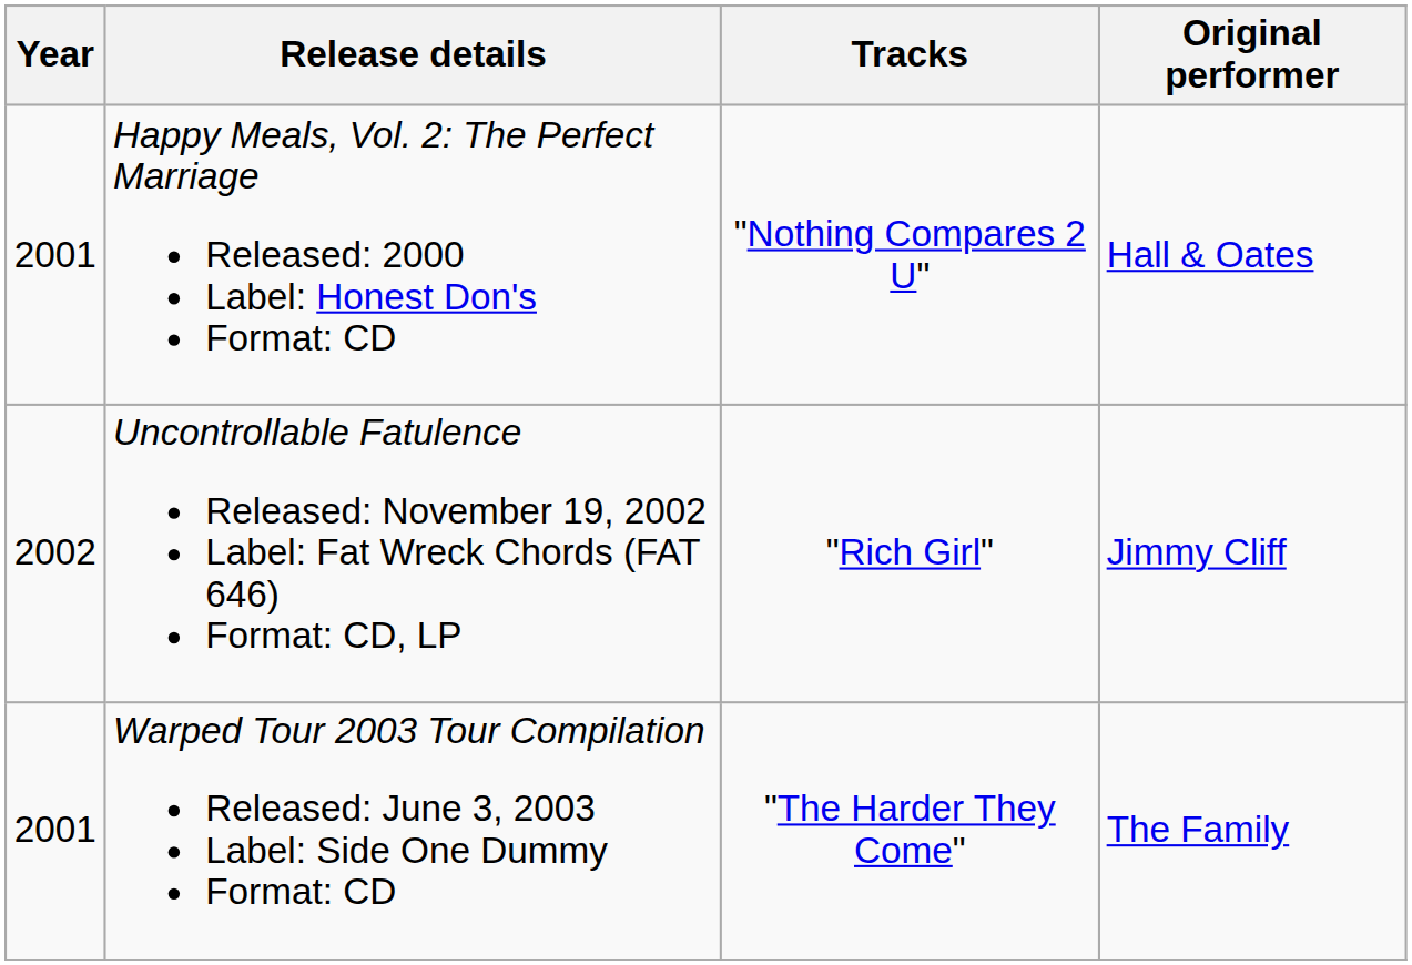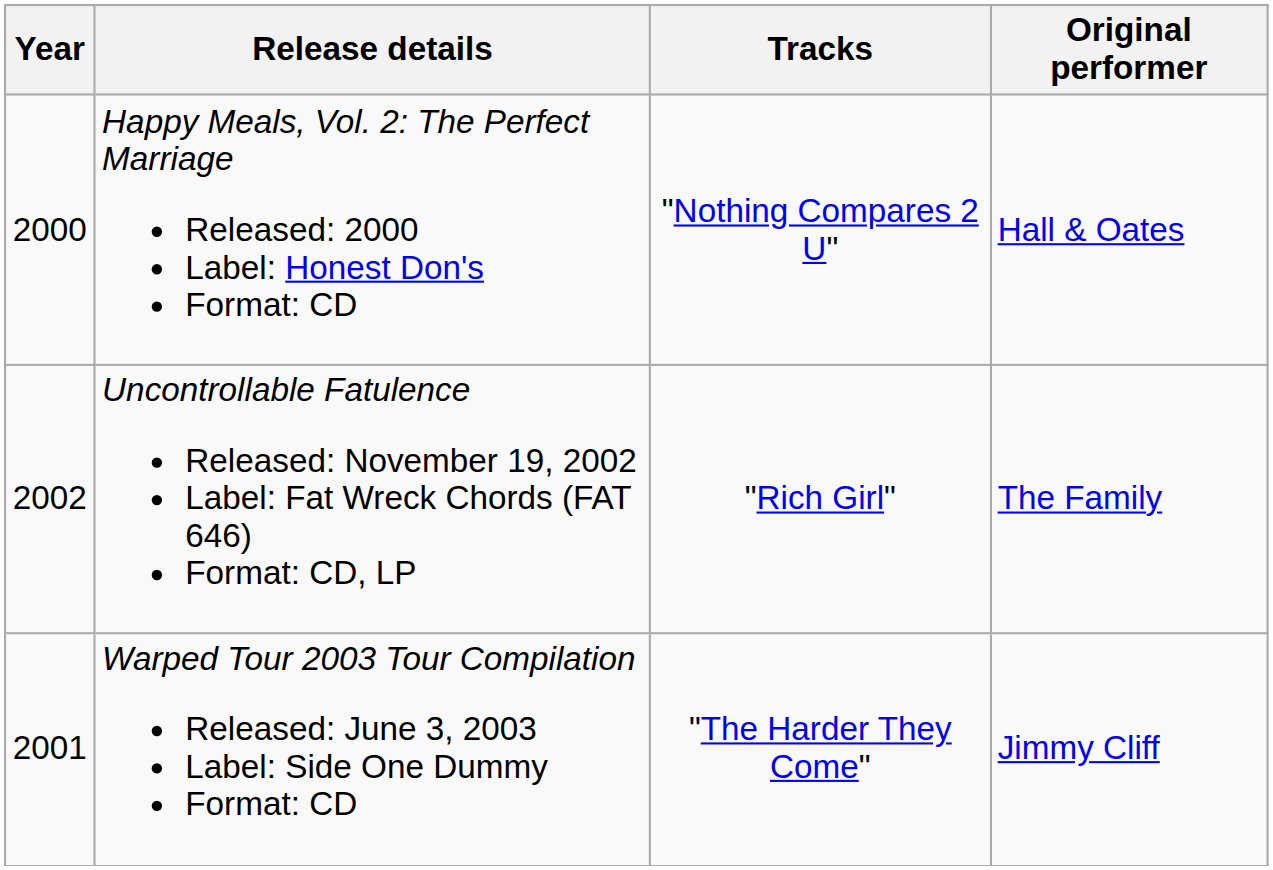 <table class ="wikitable">
 <tr>
 <th>Year</th>
 <th>Release details</th>
 <th>Tracks</th>
 <th>Original performer</th>
 </tr>
 <tr>
-<td>2001</td>
+<td>2000</td>
 <td><em>Happy Meals, Vol. 2: The Perfect Marriage</em><br><ul><li>Released: 2000</li><li>Label: <a href='#'>Honest Don's</a></li><li>Format: CD</li></ul></td>
 <td align="center">"<a href='#'>Nothing Compares 2 U</a>"</td>
 <td><a href='#'>Hall & Oates</a></td>
 </tr>
 <tr>
 <td>2002</td>
 <td><em>Uncontrollable Fatulence</em><br><ul><li>Released: November 19, 2002</li><li>Label: Fat Wreck Chords (FAT 646)</li><li>Format: CD, LP</li></ul></td>
 <td align="center">"<a href='#'>Rich Girl</a>"</td>
-<td><a href='#'>Jimmy Cliff</a></td>
+<td><a href='#'>The Family</a></td>
 </tr>
 <tr>
 <td>2001</td>
 <td><em>Warped Tour 2003 Tour Compilation</em><br><ul><li>Released: June 3, 2003</li><li>Label: Side One Dummy</li><li>Format: CD</li></ul></td>
 <td align="center">"<a href='#'>The Harder They Come</a>"</td>
-<td><a href='#'>The Family</a></td>
+<td><a href='#'>Jimmy Cliff</a></td>
 </tr>
 <tr>
 </tr>
 </table>
